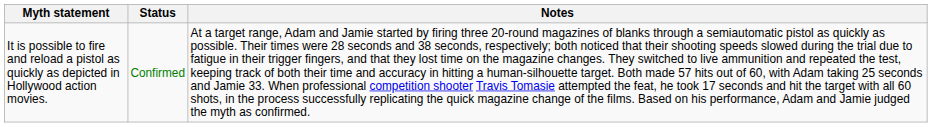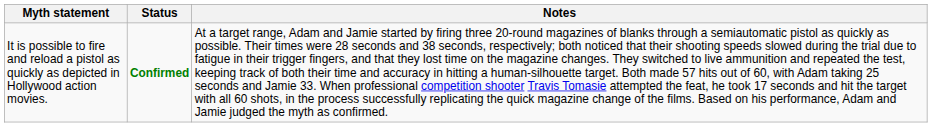 <table class="wikitable plainrowheaders">
 <tr>
 <th>Myth statement</th>
 <th>Status</th>
 <th>Notes</th>
 </tr>
 <tr>
 <td>It is possible to fire and reload a pistol as quickly as depicted in Hollywood action movies.</td>
-<td style="color:green">Confirmed</td>
+<td style="color:green"><strong>Confirmed</strong></td>
 <td>At a target range, Adam and Jamie started by firing three 20-round magazines of blanks through a semiautomatic pistol as quickly as possible. Their times were 28 seconds and 38 seconds, respectively; both noticed that their shooting speeds slowed during the trial due to fatigue in their trigger fingers, and that they lost time on the magazine changes. They switched to live ammunition and repeated the test, keeping track of both their time and accuracy in hitting a human-silhouette target. Both made 57 hits out of 60, with Adam taking 25 seconds and Jamie 33. When professional <a href='#'>competition shooter</a> <a href='#'>Travis Tomasie</a> attempted the feat, he took 17 seconds and hit the target with all 60 shots, in the process successfully replicating the quick magazine change of the films. Based on his performance, Adam and Jamie judged the myth as confirmed.</td>
 </tr>
 </table>
